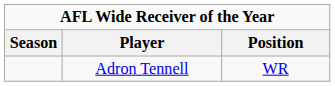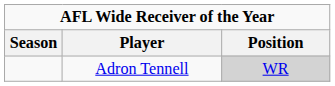 <table class="wikitable sortable" style="text-align:center">
 <tr>
 <td colspan="4"><strong>AFL Wide Receiver of the Year</strong></td>
 </tr>
 <tr>
 <th style="width:50px; ">Season</th>
 <th style="width:150px; ">Player</th>
 <th style="width:100px; ">Position</th>
 </tr>
 <tr>
 <td></td>
 <td><a href='#'>Adron Tennell</a></td>
-<td><a href='#'>WR</a></td>
+<td style="background: lightgrey;"><a href='#'>WR</a></td>
 </tr>
 </table>
